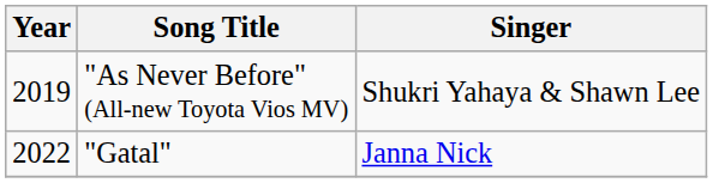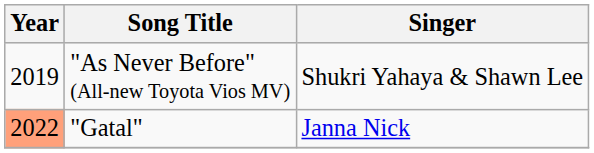 <table class="wikitable">
 <tr>
 <th>Year</th>
 <th>Song Title</th>
 <th>Singer</th>
 </tr>
 <tr>
 <td>2019</td>
 <td>"As Never Before" <br><small>(All-new Toyota Vios MV)</small></td>
 <td>Shukri Yahaya & Shawn Lee</td>
 </tr>
 <tr>
-<td>2022</td>
+<td style="background: lightsalmon;">2022</td>
 <td>"Gatal"</td>
 <td><a href='#'>Janna Nick</a></td>
 </tr>
 <tr>
 </tr>
 </table>
